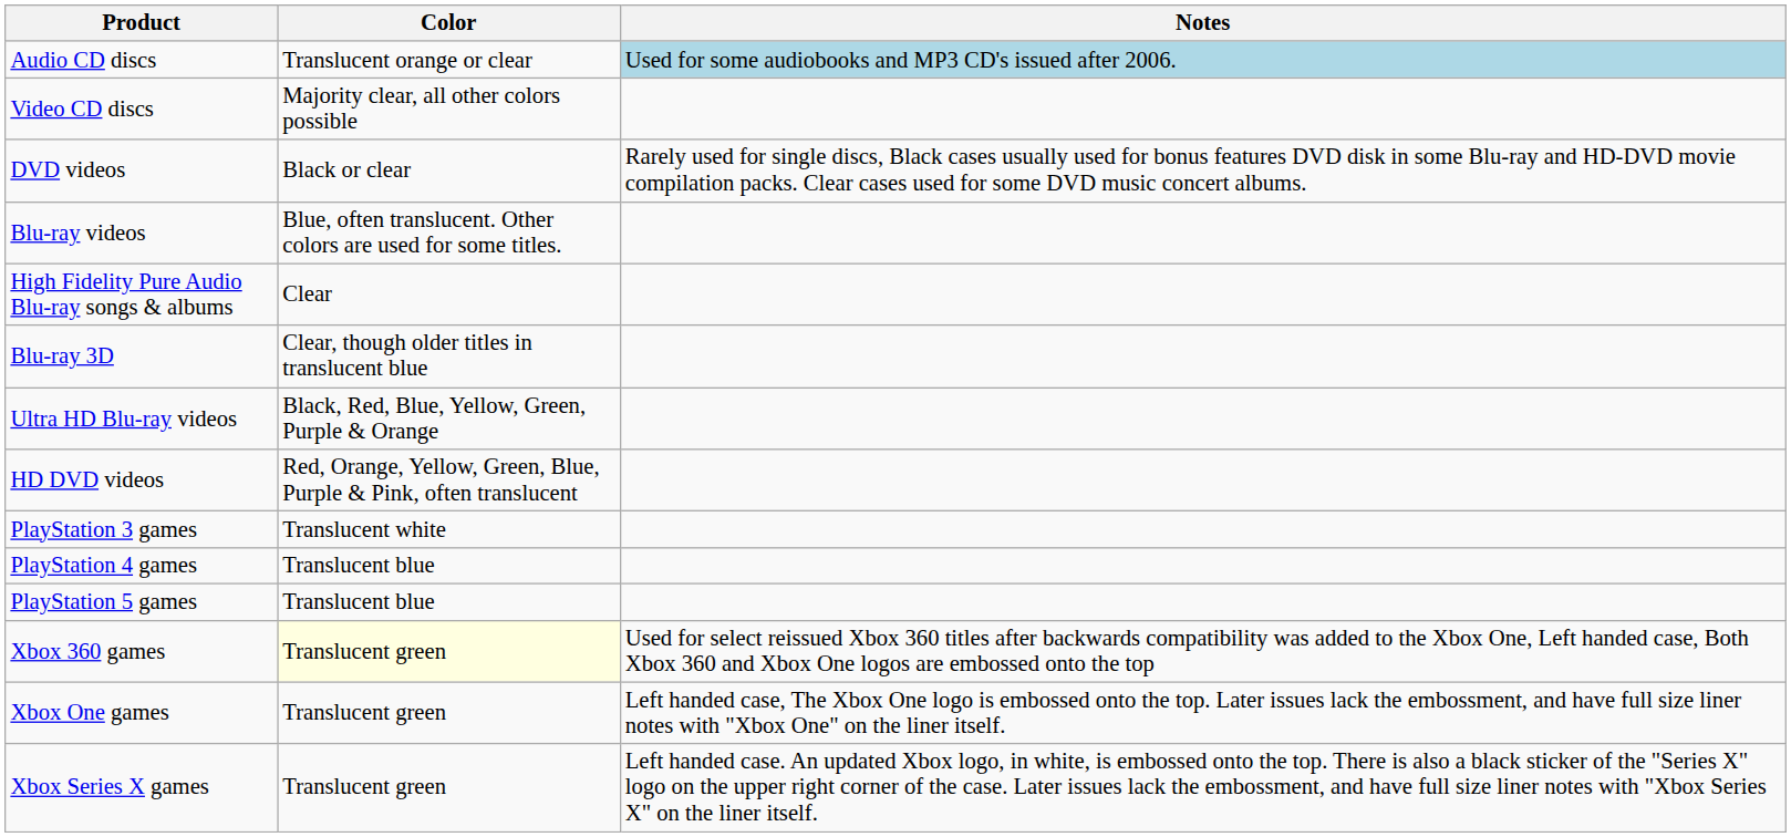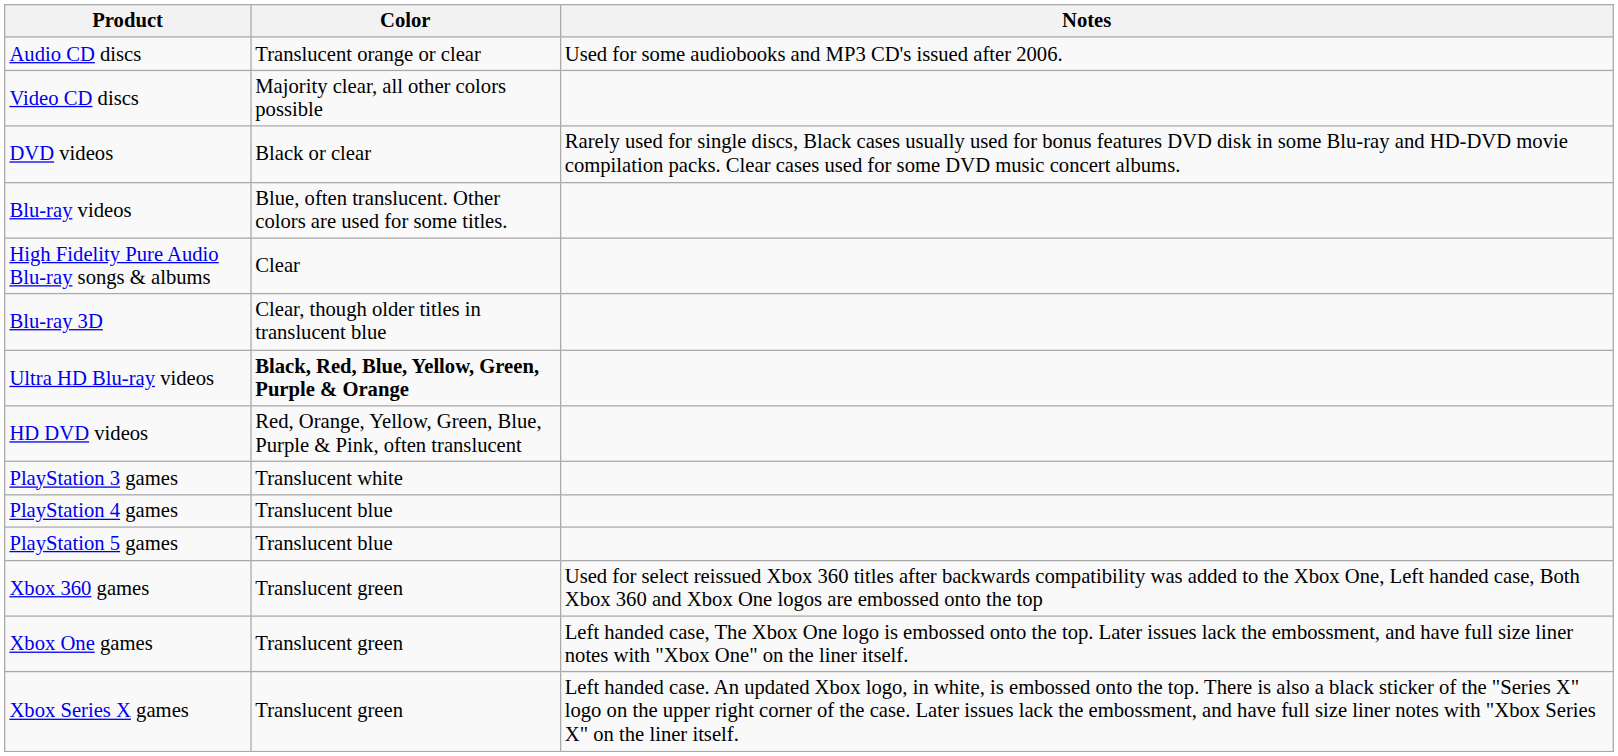 <table class="wikitable sortable sticky-header">
 <tr>
 <th>Product</th>
 <th>Color</th>
 <th>Notes</th>
 </tr>
 <tr>
 <td><a href='#'>Audio CD</a> discs</td>
 <td>Translucent orange or clear</td>
-<td style="background: lightblue;">Used for some audiobooks and MP3 CD's issued after 2006.</td>
+<td>Used for some audiobooks and MP3 CD's issued after 2006.</td>
 </tr>
 <tr>
 <td><a href='#'>Video CD</a> discs</td>
 <td>Majority clear, all other colors possible</td>
 <td></td>
 </tr>
 <tr>
 <td><a href='#'>DVD</a> videos</td>
 <td>Black or clear</td>
 <td>Rarely used for single discs, Black cases usually used for bonus features DVD disk in some Blu-ray and HD-DVD movie compilation packs. Clear cases used for some DVD music concert albums.</td>
 </tr>
 <tr>
 <td><a href='#'>Blu-ray</a> videos</td>
 <td>Blue, often translucent. Other colors are used for some titles.</td>
 <td></td>
 </tr>
 <tr>
 <td><a href='#'>High Fidelity Pure Audio</a> <a href='#'>Blu-ray</a> songs & albums</td>
 <td>Clear</td>
 <td></td>
 </tr>
 <tr>
 <td><a href='#'>Blu-ray 3D</a></td>
 <td>Clear, though older titles in translucent blue</td>
 <td></td>
 </tr>
 <tr>
 <td><a href='#'>Ultra HD Blu-ray</a> videos</td>
-<td>Black, Red, Blue, Yellow, Green, Purple & Orange</td>
+<td><strong>Black, Red, Blue, Yellow, Green, Purple & Orange</strong></td>
 <td></td>
 </tr>
 <tr>
 <td><a href='#'>HD DVD</a> videos</td>
 <td>Red, Orange, Yellow, Green, Blue, Purple & Pink, often translucent</td>
 <td></td>
 </tr>
 <tr>
 <td><a href='#'>PlayStation 3</a> games</td>
 <td>Translucent white</td>
 <td></td>
 </tr>
 <tr>
 <td><a href='#'>PlayStation 4</a> games</td>
 <td>Translucent blue</td>
 <td></td>
 </tr>
 <tr>
 <td><a href='#'>PlayStation 5</a> games</td>
 <td>Translucent blue</td>
 <td></td>
 </tr>
 <tr>
 <td><a href='#'>Xbox 360</a> games</td>
-<td style="background: lightyellow;">Translucent green</td>
+<td>Translucent green</td>
 <td>Used for select reissued Xbox 360 titles after backwards compatibility was added to the Xbox One, Left handed case, Both Xbox 360 and Xbox One logos are embossed onto the top</td>
 </tr>
 <tr>
 <td><a href='#'>Xbox One</a> games</td>
 <td>Translucent green</td>
 <td>Left handed case, The Xbox One logo is embossed onto the top.  Later issues lack the embossment, and have full size liner notes with "Xbox One" on the liner itself.</td>
 </tr>
 <tr>
 <td><a href='#'>Xbox Series X</a> games</td>
 <td>Translucent green</td>
 <td>Left handed case. An updated Xbox logo, in white, is embossed onto the top. There is also a black sticker of the "Series X" logo on the upper right corner of the case.  Later issues lack the embossment, and have full size liner notes with "Xbox Series X" on the liner itself.</td>
 </tr>
 </table>
